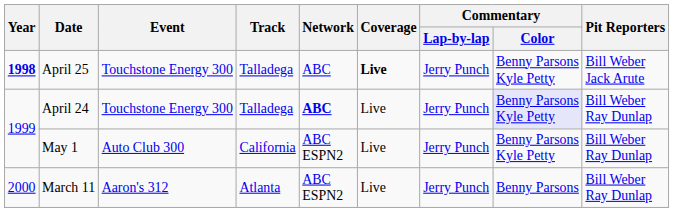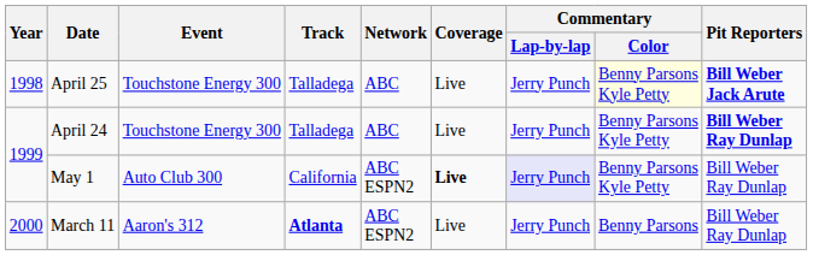 <table class="wikitable" style="font-size: 85%;">
 <tr>
 <th rowspan=2>Year</th>
 <th rowspan=2>Date</th>
 <th rowspan=2>Event</th>
 <th rowspan=2>Track</th>
 <th rowspan=2>Network</th>
 <th rowspan=2>Coverage</th>
 <th colspan=2>Commentary</th>
 <th rowspan=2>Pit Reporters</th>
 </tr>
 <tr>
 <th><a href='#'>Lap-by-lap</a></th>
 <th><a href='#'>Color</a></th>
 </tr>
 <tr>
-<td><strong><a href='#'>1998</a></strong></td>
+<td><a href='#'>1998</a></td>
 <td>April 25</td>
 <td><a href='#'>Touchstone Energy 300</a></td>
 <td><a href='#'>Talladega</a></td>
 <td><a href='#'>ABC</a></td>
-<td><strong>Live</strong></td>
+<td>Live</td>
 <td><a href='#'>Jerry Punch</a></td>
-<td><a href='#'>Benny Parsons</a> <br> <a href='#'>Kyle Petty</a></td>
-<td><a href='#'>Bill Weber</a> <br> <a href='#'>Jack Arute</a></td>
+<td style="background: lightyellow;"><a href='#'>Benny Parsons</a> <br> <a href='#'>Kyle Petty</a></td>
+<td><strong><a href='#'>Bill Weber</a> <br> <a href='#'>Jack Arute</a></strong></td>
 </tr>
 <tr>
 <td rowspan=2><a href='#'>1999</a></td>
 <td>April 24</td>
 <td><a href='#'>Touchstone Energy 300</a></td>
 <td><a href='#'>Talladega</a></td>
-<td><strong><a href='#'>ABC</a></strong></td>
+<td><a href='#'>ABC</a></td>
 <td>Live</td>
 <td><a href='#'>Jerry Punch</a></td>
-<td style="background: lavender;"><a href='#'>Benny Parsons</a> <br> <a href='#'>Kyle Petty</a></td>
-<td><a href='#'>Bill Weber</a> <br> <a href='#'>Ray Dunlap</a></td>
+<td><a href='#'>Benny Parsons</a> <br> <a href='#'>Kyle Petty</a></td>
+<td><strong><a href='#'>Bill Weber</a> <br> <a href='#'>Ray Dunlap</a></strong></td>
 </tr>
 <tr>
 <td>May 1</td>
 <td><a href='#'>Auto Club 300</a></td>
 <td><a href='#'>California</a></td>
 <td><a href='#'>ABC</a> <br> ESPN2</td>
-<td>Live</td>
-<td><a href='#'>Jerry Punch</a></td>
+<td><strong>Live</strong></td>
+<td style="background: lavender;"><a href='#'>Jerry Punch</a></td>
 <td><a href='#'>Benny Parsons</a> <br> <a href='#'>Kyle Petty</a></td>
 <td><a href='#'>Bill Weber</a> <br> <a href='#'>Ray Dunlap</a></td>
 </tr>
 <tr>
 <td><a href='#'>2000</a></td>
 <td>March 11</td>
 <td><a href='#'>Aaron's 312</a></td>
-<td><a href='#'>Atlanta</a></td>
+<td><strong><a href='#'>Atlanta</a></strong></td>
 <td><a href='#'>ABC</a> <br> ESPN2</td>
 <td>Live</td>
 <td><a href='#'>Jerry Punch</a></td>
 <td><a href='#'>Benny Parsons</a></td>
 <td><a href='#'>Bill Weber</a> <br> <a href='#'>Ray Dunlap</a></td>
 </tr>
 <tr>
 </tr>
 </table>
